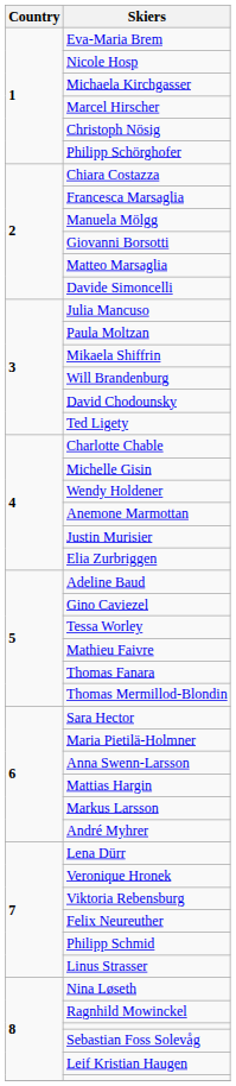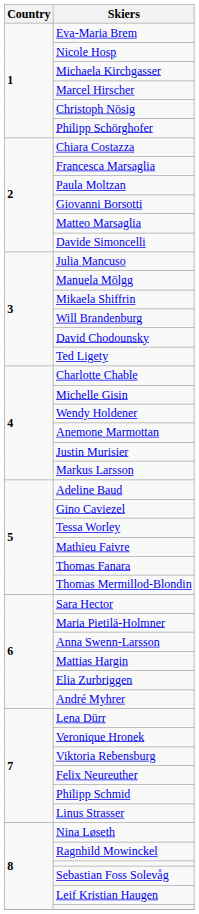 <table class="wikitable">
 <tr>
 <th>Country</th>
 <th>Skiers</th>
 </tr>
 <tr>
 <td rowspan=6><strong>1</strong> </td>
 <td><a href='#'>Eva-Maria Brem</a></td>
 </tr>
 <tr>
 <td><a href='#'>Nicole Hosp</a></td>
 </tr>
 <tr>
 <td><a href='#'>Michaela Kirchgasser</a></td>
 </tr>
 <tr>
 <td><a href='#'>Marcel Hirscher</a></td>
 </tr>
 <tr>
 <td><a href='#'>Christoph Nösig</a></td>
 </tr>
 <tr>
 <td><a href='#'>Philipp Schörghofer</a></td>
 </tr>
 <tr>
 <td rowspan=6><strong>2</strong> </td>
 <td><a href='#'>Chiara Costazza</a></td>
 </tr>
 <tr>
 <td><a href='#'>Francesca Marsaglia</a></td>
 </tr>
 <tr>
-<td><a href='#'>Manuela Mölgg</a></td>
+<td><a href='#'>Paula Moltzan</a></td>
 </tr>
 <tr>
 <td><a href='#'>Giovanni Borsotti</a></td>
 </tr>
 <tr>
 <td><a href='#'>Matteo Marsaglia</a></td>
 </tr>
 <tr>
 <td><a href='#'>Davide Simoncelli</a></td>
 </tr>
 <tr>
 <td rowspan=6><strong>3</strong> </td>
 <td><a href='#'>Julia Mancuso</a></td>
 </tr>
 <tr>
-<td><a href='#'>Paula Moltzan</a></td>
+<td><a href='#'>Manuela Mölgg</a></td>
 </tr>
 <tr>
 <td><a href='#'>Mikaela Shiffrin</a></td>
 </tr>
 <tr>
 <td><a href='#'>Will Brandenburg</a></td>
 </tr>
 <tr>
 <td><a href='#'>David Chodounsky</a></td>
 </tr>
 <tr>
 <td><a href='#'>Ted Ligety</a></td>
 </tr>
 <tr>
 <td rowspan=6><strong>4</strong> </td>
 <td><a href='#'>Charlotte Chable</a></td>
 </tr>
 <tr>
 <td><a href='#'>Michelle Gisin</a></td>
 </tr>
 <tr>
 <td><a href='#'>Wendy Holdener</a></td>
 </tr>
 <tr>
 <td><a href='#'>Anemone Marmottan</a></td>
 </tr>
 <tr>
 <td><a href='#'>Justin Murisier</a></td>
 </tr>
 <tr>
-<td><a href='#'>Elia Zurbriggen</a></td>
+<td><a href='#'>Markus Larsson</a></td>
 </tr>
 <tr>
 <td rowspan=6><strong>5</strong> </td>
 <td><a href='#'>Adeline Baud</a></td>
 </tr>
 <tr>
 <td><a href='#'>Gino Caviezel</a></td>
 </tr>
 <tr>
 <td><a href='#'>Tessa Worley</a></td>
 </tr>
 <tr>
 <td><a href='#'>Mathieu Faivre</a></td>
 </tr>
 <tr>
 <td><a href='#'>Thomas Fanara</a></td>
 </tr>
 <tr>
 <td><a href='#'>Thomas Mermillod-Blondin</a></td>
 </tr>
 <tr>
 <td rowspan=6><strong>6</strong> </td>
 <td><a href='#'>Sara Hector</a></td>
 </tr>
 <tr>
 <td><a href='#'>Maria Pietilä-Holmner</a></td>
 </tr>
 <tr>
 <td><a href='#'>Anna Swenn-Larsson</a></td>
 </tr>
 <tr>
 <td><a href='#'>Mattias Hargin</a></td>
 </tr>
 <tr>
-<td><a href='#'>Markus Larsson</a></td>
+<td><a href='#'>Elia Zurbriggen</a></td>
 </tr>
 <tr>
 <td><a href='#'>André Myhrer</a></td>
 </tr>
 <tr>
 <td rowspan=6><strong>7</strong> </td>
 <td><a href='#'>Lena Dürr</a></td>
 </tr>
 <tr>
 <td><a href='#'>Veronique Hronek</a></td>
 </tr>
 <tr>
 <td><a href='#'>Viktoria Rebensburg</a></td>
 </tr>
 <tr>
 <td><a href='#'>Felix Neureuther</a></td>
 </tr>
 <tr>
 <td><a href='#'>Philipp Schmid</a></td>
 </tr>
 <tr>
 <td><a href='#'>Linus Strasser</a></td>
 </tr>
 <tr>
 <td rowspan=6><strong>8</strong> </td>
 <td><a href='#'>Nina Løseth</a></td>
 </tr>
 <tr>
 <td><a href='#'>Ragnhild Mowinckel</a></td>
 </tr>
 <tr>
 <td></td>
 </tr>
 <tr>
 <td><a href='#'>Sebastian Foss Solevåg</a></td>
 </tr>
 <tr>
 <td><a href='#'>Leif Kristian Haugen</a></td>
 </tr>
 <tr>
 <td></td>
 </tr>
 <tr>
 </tr>
 </table>
